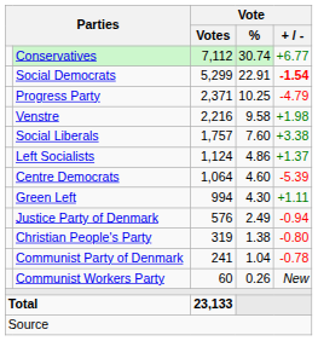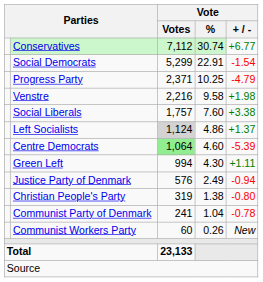 <table class="wikitable" style="text-align:right;">
 <tr>
 <th style="text-align:centre;" rowspan="2" colspan="2" width="225">Parties</th>
 <th colspan="3">Vote</th>
 </tr>
 <tr>
 <th width="15">Votes</th>
 <th width="15">%</th>
 <th width="15">+ / -</th>
 </tr>
 <tr>
 <td width="2" style="color:inherit;background:"></td>
 <td bgcolor=#ccf7cc  align="left"><a href='#'>Conservatives</a></td>
 <td bgcolor=#ccf7cc>7,112</td>
 <td bgcolor=#ccf7cc>30.74</td>
 <td style=color:green;>+6.77</td>
 </tr>
 <tr>
 <td width="2" style="color:inherit;background:"></td>
 <td align="left"><a href='#'>Social Democrats</a></td>
 <td>5,299</td>
 <td>22.91</td>
-<td style=color:red;><strong>-1.54</strong></td>
+<td style=color:red;>-1.54</td>
 </tr>
 <tr>
 <td width="2" style="color:inherit;background:"></td>
 <td align="left"><a href='#'>Progress Party</a></td>
 <td>2,371</td>
 <td>10.25</td>
 <td style=color:red;>-4.79</td>
 </tr>
 <tr>
 <td width="2" style="color:inherit;background:"></td>
 <td align="left"><a href='#'>Venstre</a></td>
 <td>2,216</td>
 <td>9.58</td>
 <td style=color:green;>+1.98</td>
 </tr>
 <tr>
 <td width="2" style="color:inherit;background:"></td>
 <td align="left"><a href='#'>Social Liberals</a></td>
 <td>1,757</td>
 <td>7.60</td>
 <td style=color:green;>+3.38</td>
 </tr>
 <tr>
 <td width="2" style="color:inherit;background:"></td>
 <td align="left"><a href='#'>Left Socialists</a></td>
-<td>1,124</td>
+<td style="background: lightgrey;">1,124</td>
 <td>4.86</td>
 <td style=color:green;>+1.37</td>
 </tr>
 <tr>
 <td width="2" style="color:inherit;background:"></td>
 <td align="left"><a href='#'>Centre Democrats</a></td>
-<td>1,064</td>
+<td style="background: lightgreen;">1,064</td>
 <td>4.60</td>
 <td style=color:red;>-5.39</td>
 </tr>
 <tr>
 <td width="2" style="color:inherit;background:"></td>
 <td align="left"><a href='#'>Green Left</a></td>
 <td>994</td>
 <td>4.30</td>
 <td style=color:green;>+1.11</td>
 </tr>
 <tr>
 <td width="2" style="color:inherit;background:"></td>
 <td align="left"><a href='#'>Justice Party of Denmark</a></td>
 <td>576</td>
 <td>2.49</td>
 <td style=color:red;>-0.94</td>
 </tr>
 <tr>
 <td width="2" style="color:inherit;background:"></td>
 <td align="left"><a href='#'>Christian People's Party</a></td>
 <td>319</td>
 <td>1.38</td>
 <td style=color:red;>-0.80</td>
 </tr>
 <tr>
 <td width="2" style="color:inherit;background:"></td>
 <td align="left"><a href='#'>Communist Party of Denmark</a></td>
 <td>241</td>
 <td>1.04</td>
 <td style=color:red;>-0.78</td>
 </tr>
 <tr>
 <td width="2" style="color:inherit;background:"></td>
 <td align="left"><a href='#'>Communist Workers Party</a></td>
 <td>60</td>
 <td>0.26</td>
 <td><em>New</em></td>
 </tr>
 <tr>
 <td colspan="7" bgcolor="#E9E9E9"></td>
 </tr>
 <tr>
 <td align="left" colspan="2"><strong>Total</strong></td>
 <td><strong>23,133</strong></td>
 <td bgcolor="#E9E9E9" colspan="2"></td>
 </tr>
 <tr>
 <td align="left" colspan="6">Source</td>
 </tr>
 </table>
